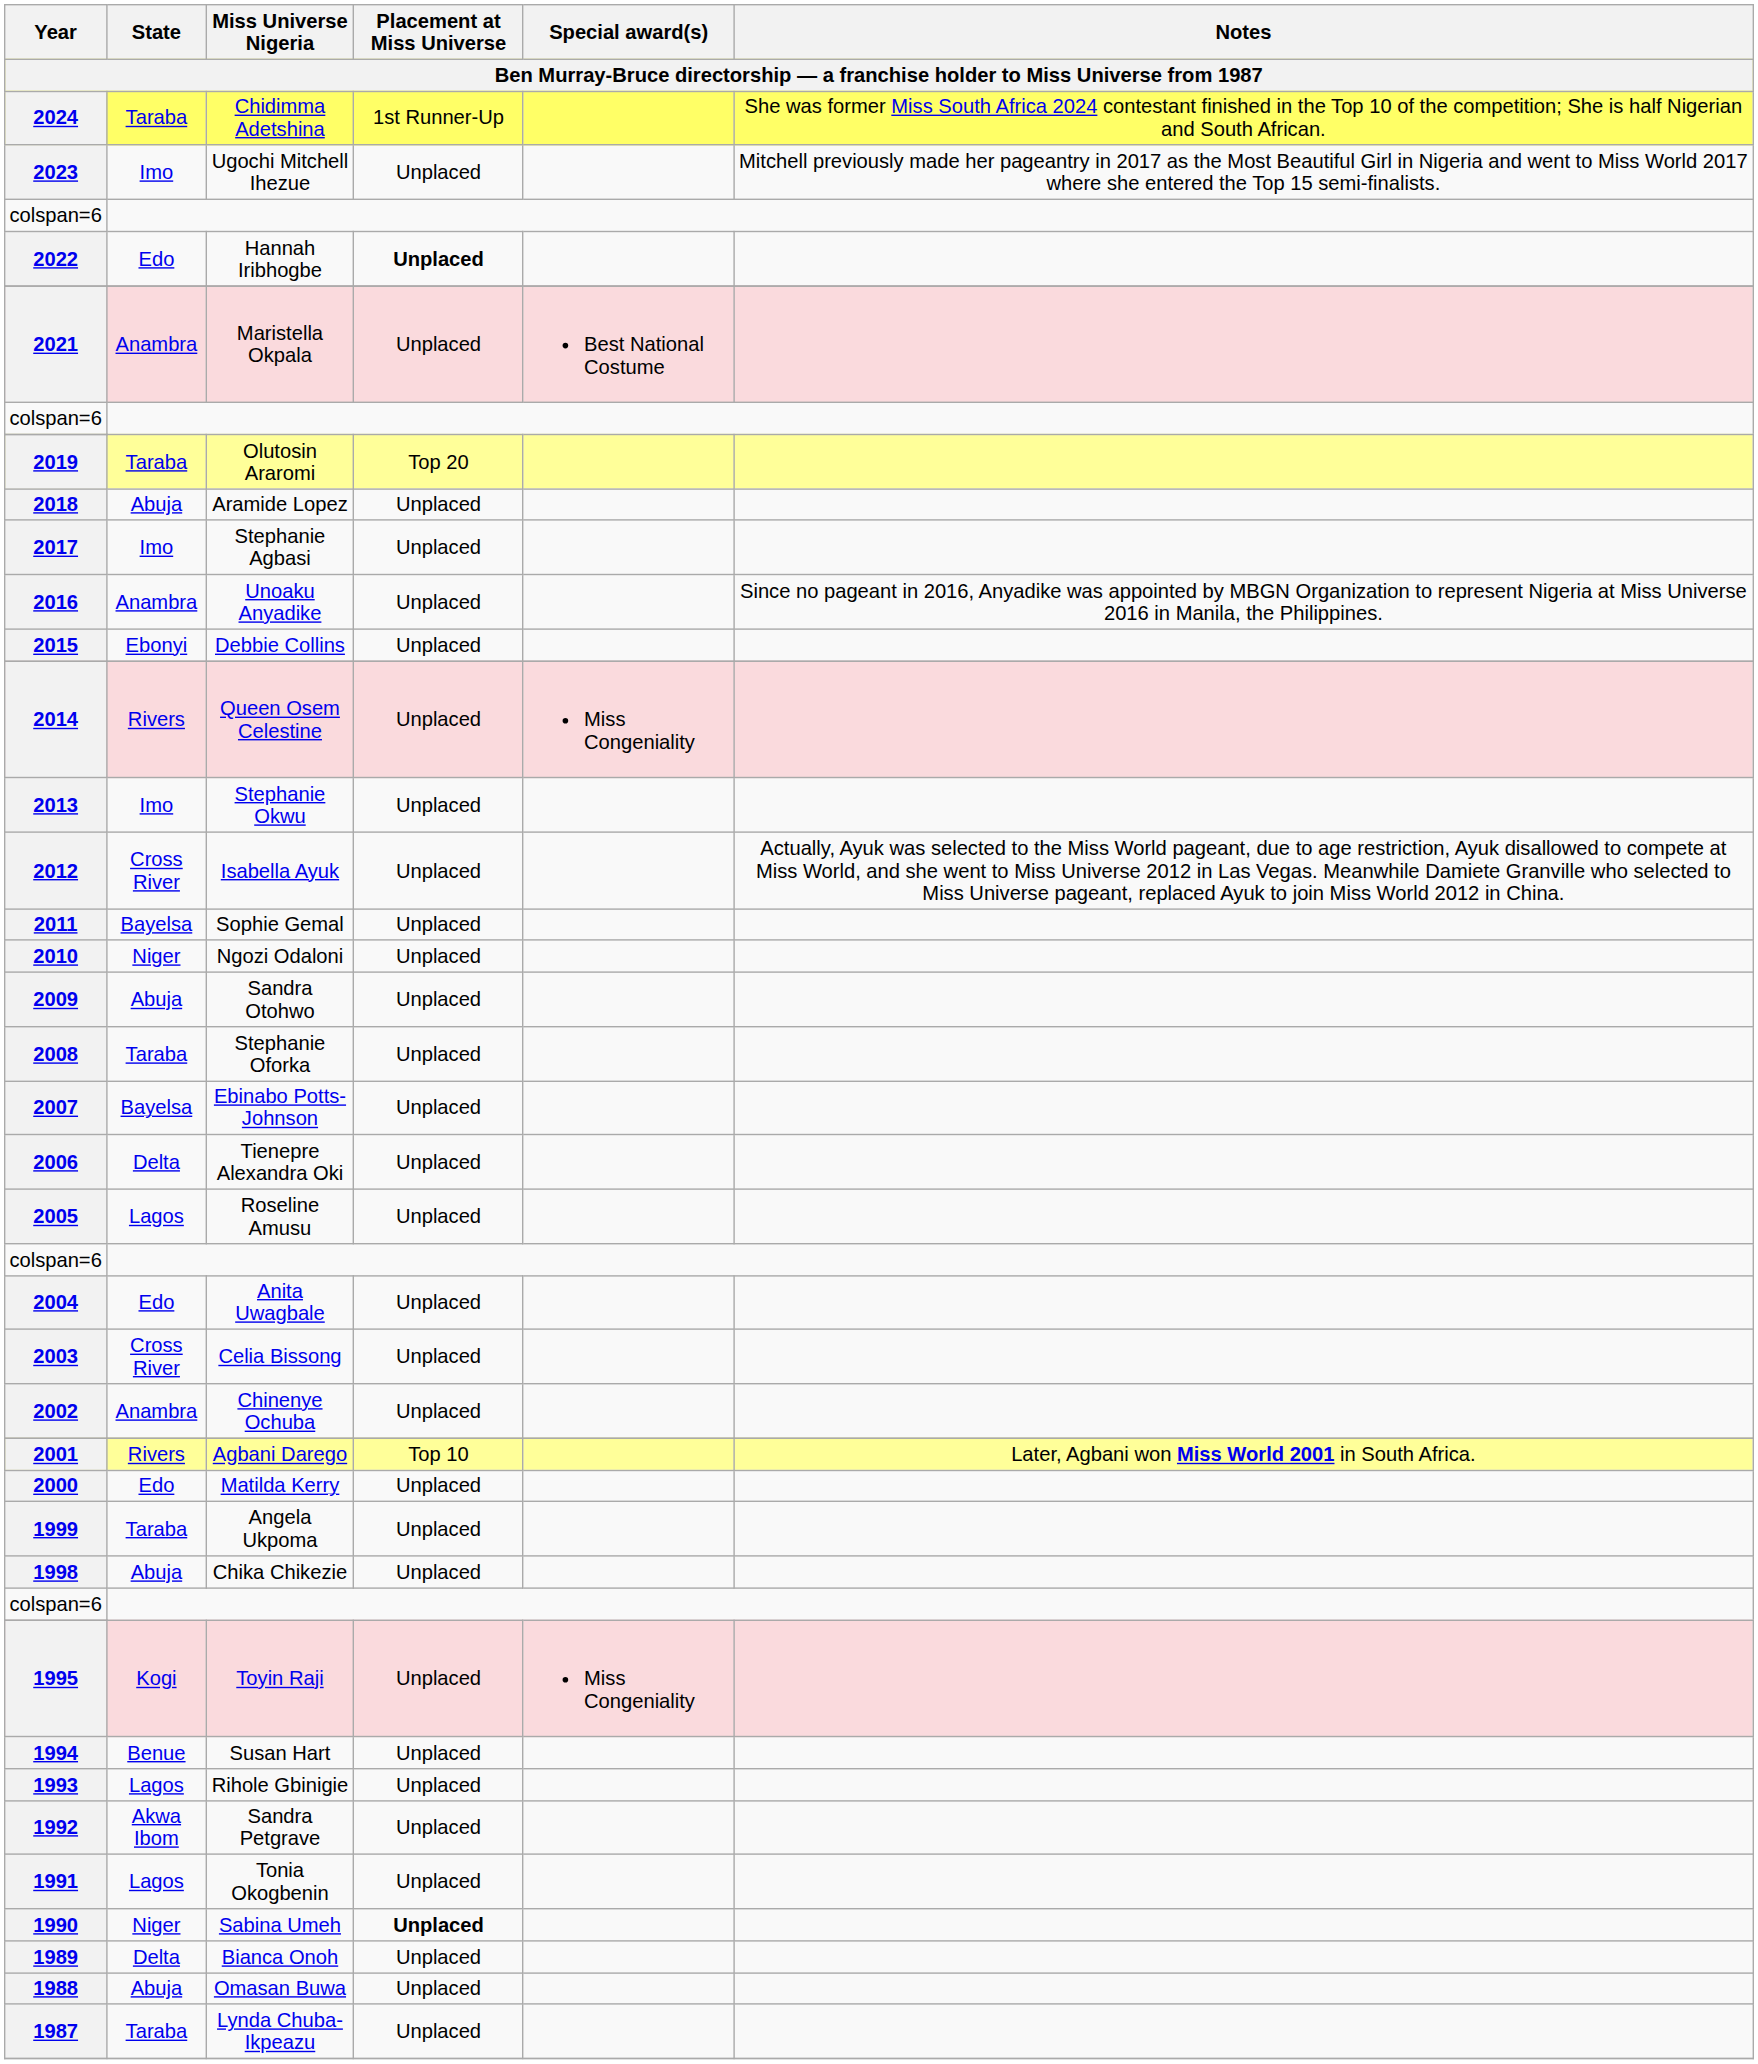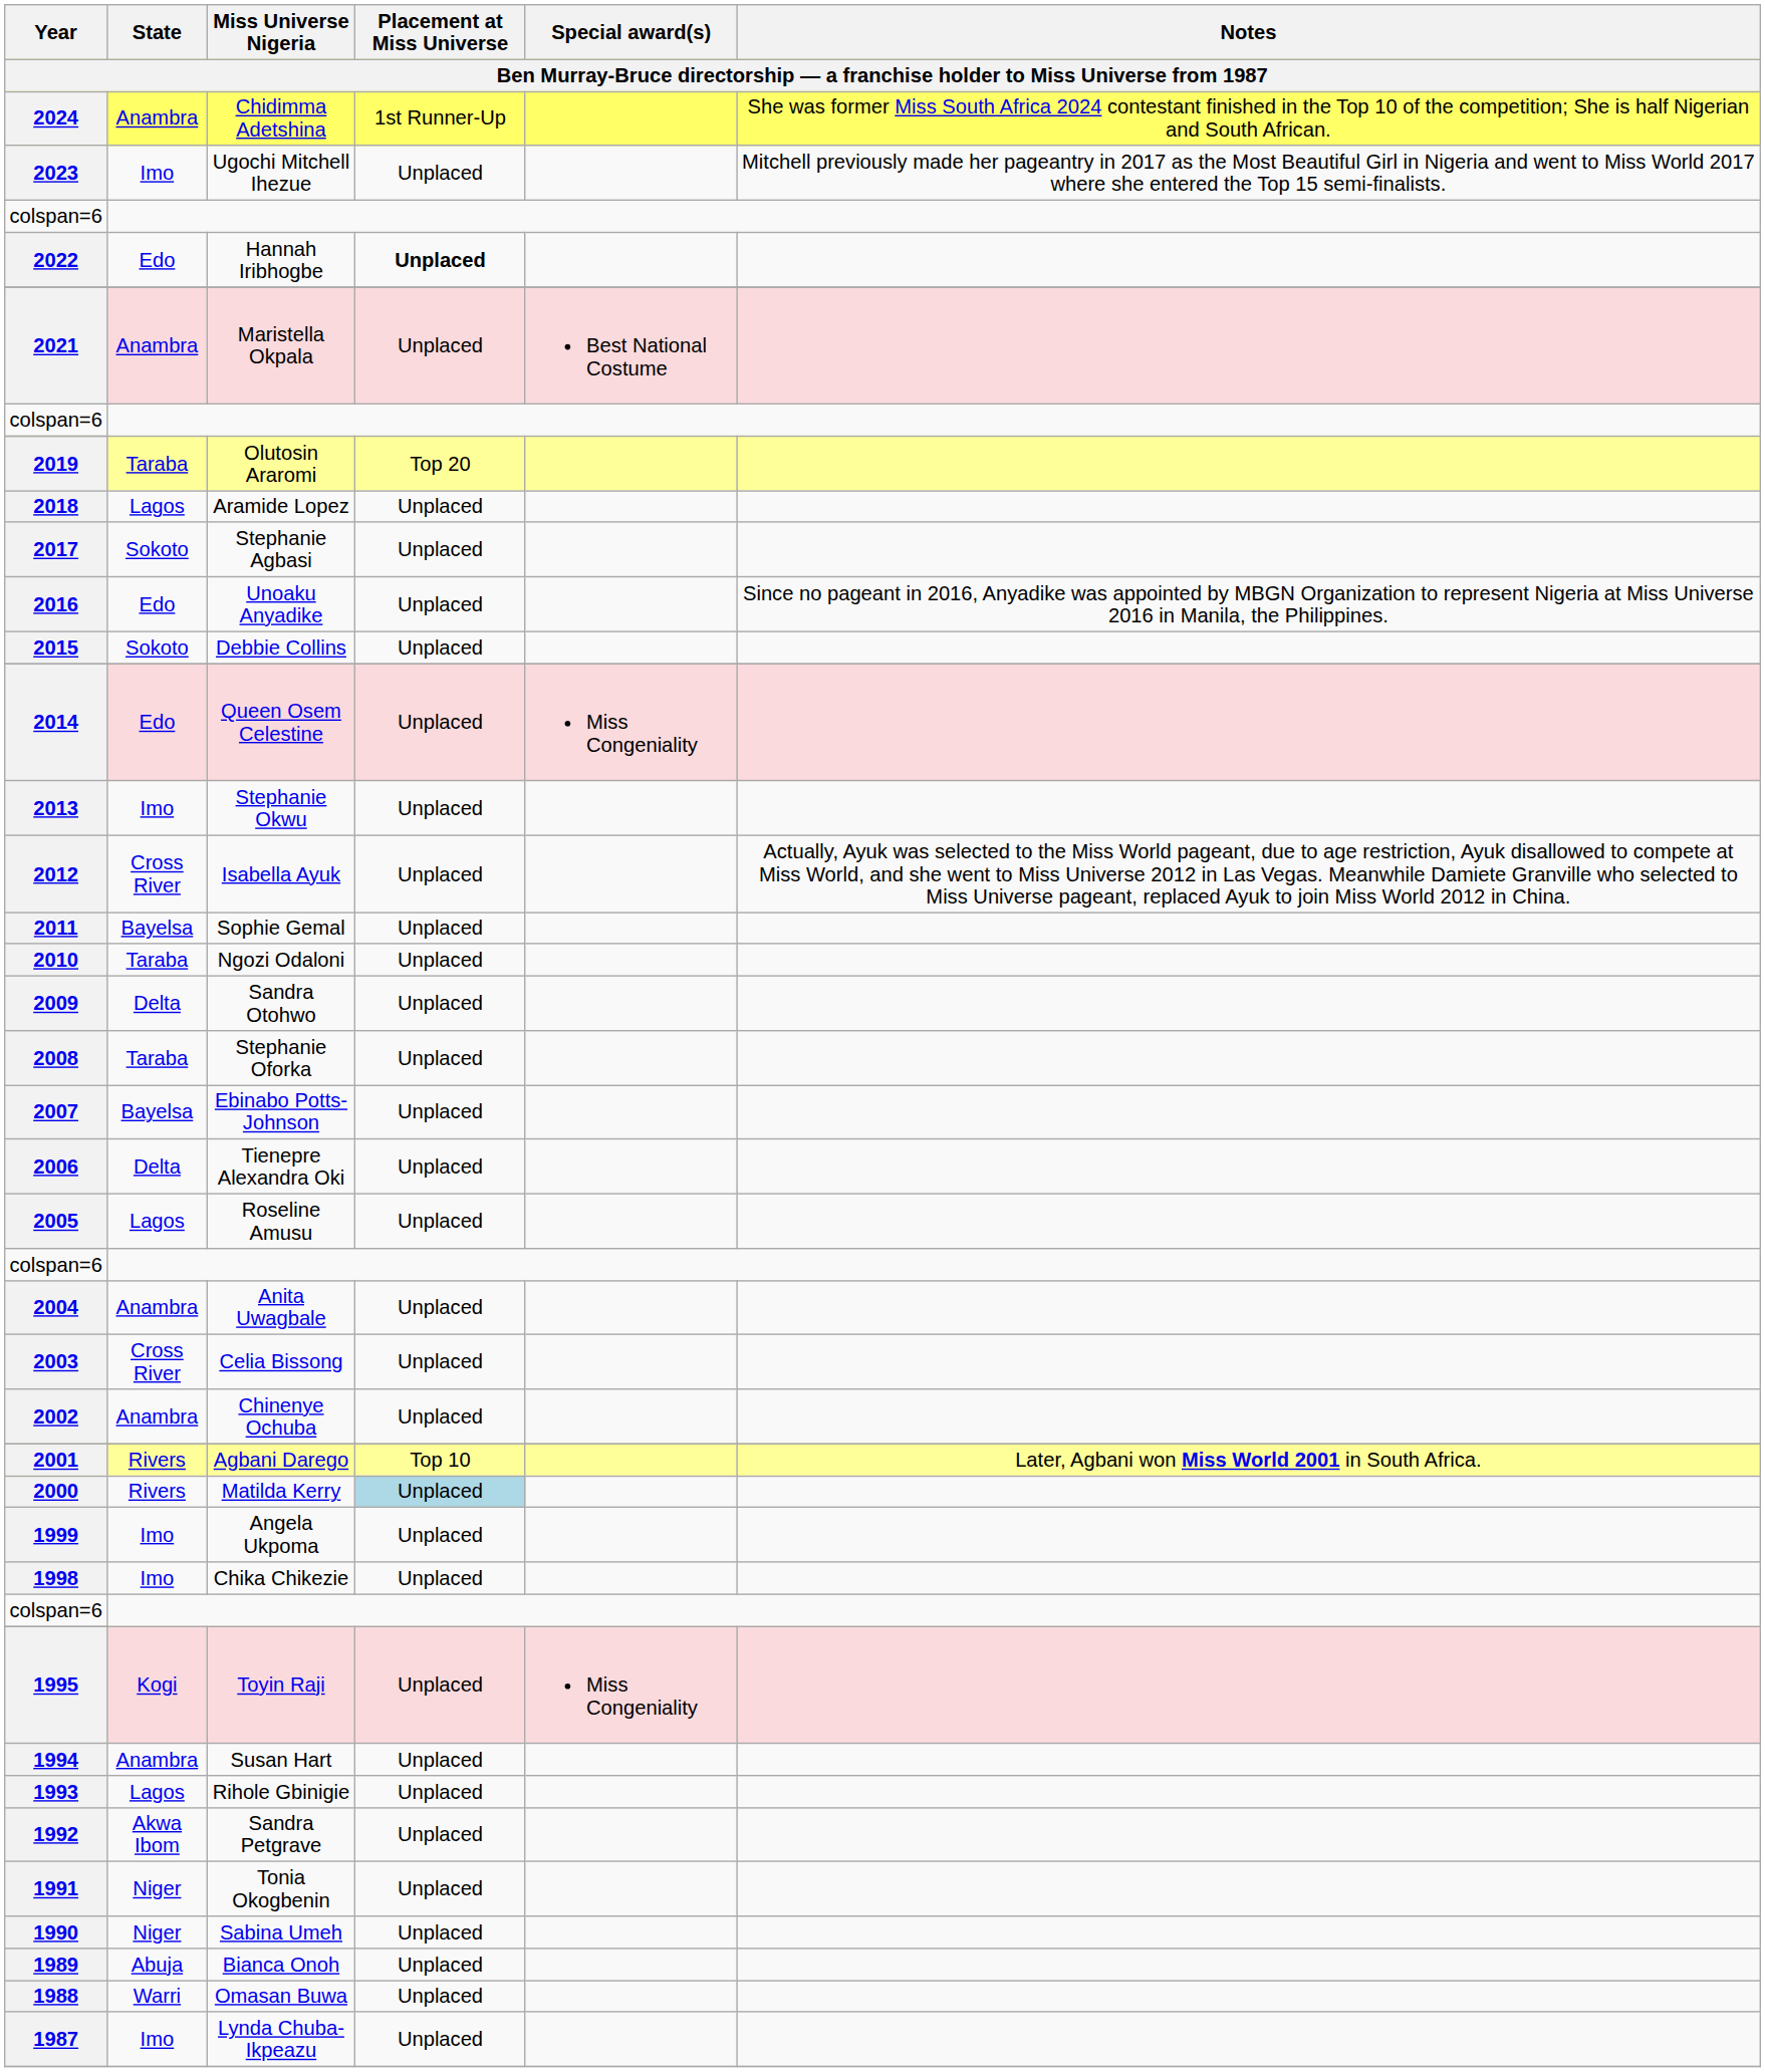 <table class="wikitable " style="font-size: 90%; text-align:center;">
 <tr>
 <th>Year</th>
 <th>State</th>
 <th>Miss Universe Nigeria</th>
 <th>Placement at Miss Universe</th>
 <th>Special award(s)</th>
 <th>Notes</th>
 </tr>
 <tr style="background-color:#FFFF66;">
 <th colspan="6">Ben Murray-Bruce directorship — a franchise holder to Miss Universe from 1987</th>
 </tr>
 <tr style="background-color:#FFFF66;">
 <th><a href='#'>2024</a></th>
-<td><a href='#'>Taraba</a></td>
+<td><a href='#'>Anambra</a></td>
 <td><a href='#'>Chidimma Adetshina</a></td>
 <td>1st Runner-Up</td>
 <td></td>
 <td>She was former <a href='#'>Miss South Africa 2024</a> contestant finished in the Top 10 of the competition; She is half Nigerian and South African.</td>
 </tr>
 <tr>
 <th><a href='#'>2023</a></th>
 <td><a href='#'>Imo</a></td>
 <td>Ugochi Mitchell Ihezue</td>
 <td>Unplaced</td>
 <td></td>
 <td>Mitchell previously made her pageantry in 2017 as the Most Beautiful Girl in Nigeria and went to Miss World 2017 where she entered the Top 15 semi-finalists.</td>
 </tr>
 <tr>
 <td>colspan=6 </td>
 </tr>
 <tr>
 <th><a href='#'>2022</a></th>
 <td><a href='#'>Edo</a></td>
 <td>Hannah Iribhogbe</td>
 <td><strong>Unplaced</strong></td>
 <td></td>
 <td></td>
 </tr>
 <tr>
 </tr>
 <tr style="background-color:#FADADD;">
 <th><a href='#'>2021</a></th>
 <td><a href='#'>Anambra</a></td>
 <td>Maristella Okpala</td>
 <td>Unplaced</td>
 <td align="left"><br><ul><li>Best National Costume</li></ul></td>
 <td></td>
 </tr>
 <tr>
 <td>colspan=6 </td>
 </tr>
 <tr>
 </tr>
 <tr style="background-color:#FFFF99;">
 <th><a href='#'>2019</a></th>
 <td><a href='#'>Taraba</a></td>
 <td>Olutosin Araromi</td>
 <td>Top 20</td>
 <td></td>
 <td></td>
 </tr>
 <tr>
 <th><a href='#'>2018</a></th>
-<td><a href='#'>Abuja</a></td>
+<td><a href='#'>Lagos</a></td>
 <td>Aramide Lopez</td>
 <td>Unplaced</td>
 <td></td>
 <td></td>
 </tr>
 <tr>
 <th><a href='#'>2017</a></th>
-<td><a href='#'>Imo</a></td>
+<td><a href='#'>Sokoto</a></td>
 <td>Stephanie Agbasi</td>
 <td>Unplaced</td>
 <td></td>
 <td></td>
 </tr>
 <tr>
 <th><a href='#'>2016</a></th>
-<td><a href='#'>Anambra</a></td>
+<td><a href='#'>Edo</a></td>
 <td><a href='#'>Unoaku Anyadike</a></td>
 <td>Unplaced</td>
 <td></td>
 <td>Since no pageant in 2016, Anyadike was appointed by MBGN Organization to represent Nigeria at Miss Universe 2016 in Manila, the Philippines.</td>
 </tr>
 <tr>
 <th><a href='#'>2015</a></th>
-<td><a href='#'>Ebonyi</a></td>
+<td><a href='#'>Sokoto</a></td>
 <td><a href='#'>Debbie Collins</a></td>
 <td>Unplaced</td>
 <td></td>
 <td></td>
 </tr>
 <tr>
 </tr>
 <tr style="background-color:#FADADD;">
 <th><a href='#'>2014</a></th>
-<td><a href='#'>Rivers</a></td>
+<td><a href='#'>Edo</a></td>
 <td><a href='#'>Queen Osem Celestine</a></td>
 <td>Unplaced</td>
 <td align="left"><br><ul><li>Miss Congeniality</li></ul></td>
 <td></td>
 </tr>
 <tr>
 <th><a href='#'>2013</a></th>
 <td><a href='#'>Imo</a></td>
 <td><a href='#'>Stephanie Okwu</a></td>
 <td>Unplaced</td>
 <td></td>
 <td></td>
 </tr>
 <tr>
 <th><a href='#'>2012</a></th>
 <td><a href='#'>Cross River</a></td>
 <td><a href='#'>Isabella Ayuk</a></td>
 <td>Unplaced</td>
 <td></td>
 <td>Actually, Ayuk was selected to the Miss World pageant, due to age restriction, Ayuk disallowed to compete at Miss World, and she went to Miss Universe 2012 in Las Vegas. Meanwhile Damiete Granville who selected to Miss Universe pageant, replaced Ayuk to join Miss World 2012 in China.</td>
 </tr>
 <tr>
 <th><a href='#'>2011</a></th>
 <td><a href='#'>Bayelsa</a></td>
 <td>Sophie Gemal</td>
 <td>Unplaced</td>
 <td></td>
 <td></td>
 </tr>
 <tr>
 <th><a href='#'>2010</a></th>
-<td><a href='#'>Niger</a></td>
+<td><a href='#'>Taraba</a></td>
 <td>Ngozi Odaloni</td>
 <td>Unplaced</td>
 <td></td>
 <td></td>
 </tr>
 <tr>
 <th><a href='#'>2009</a></th>
-<td><a href='#'>Abuja</a></td>
+<td><a href='#'>Delta</a></td>
 <td>Sandra Otohwo</td>
 <td>Unplaced</td>
 <td></td>
 <td></td>
 </tr>
 <tr>
 <th><a href='#'>2008</a></th>
 <td><a href='#'>Taraba</a></td>
 <td>Stephanie Oforka</td>
 <td>Unplaced</td>
 <td></td>
 <td></td>
 </tr>
 <tr>
 <th><a href='#'>2007</a></th>
 <td><a href='#'>Bayelsa</a></td>
 <td><a href='#'>Ebinabo Potts-Johnson</a></td>
 <td>Unplaced</td>
 <td></td>
 <td></td>
 </tr>
 <tr>
 <th><a href='#'>2006</a></th>
 <td><a href='#'>Delta</a></td>
 <td>Tienepre Alexandra Oki</td>
 <td>Unplaced</td>
 <td></td>
 <td></td>
 </tr>
 <tr>
 <th><a href='#'>2005</a></th>
 <td><a href='#'>Lagos</a></td>
 <td>Roseline Amusu</td>
 <td>Unplaced</td>
 <td></td>
 <td></td>
 </tr>
 <tr>
 <td>colspan=6 </td>
 </tr>
 <tr>
 <th><a href='#'>2004</a></th>
-<td><a href='#'>Edo</a></td>
+<td><a href='#'>Anambra</a></td>
 <td><a href='#'>Anita Uwagbale</a></td>
 <td>Unplaced</td>
 <td></td>
 <td></td>
 </tr>
 <tr>
 <th><a href='#'>2003</a></th>
 <td><a href='#'>Cross River</a></td>
 <td><a href='#'>Celia Bissong</a></td>
 <td>Unplaced</td>
 <td></td>
 <td></td>
 </tr>
 <tr>
 <th><a href='#'>2002</a></th>
 <td><a href='#'>Anambra</a></td>
 <td><a href='#'>Chinenye Ochuba</a></td>
 <td>Unplaced</td>
 <td></td>
 <td></td>
 </tr>
 <tr>
 </tr>
 <tr style="background-color:#FFFF99;">
 <th><a href='#'>2001</a></th>
 <td><a href='#'>Rivers</a></td>
 <td><a href='#'>Agbani Darego</a></td>
 <td>Top 10</td>
 <td></td>
 <td>Later, Agbani won <strong><a href='#'>Miss World 2001</a></strong> in South Africa.</td>
 </tr>
 <tr>
 <th><a href='#'>2000</a></th>
-<td><a href='#'>Edo</a></td>
+<td><a href='#'>Rivers</a></td>
 <td><a href='#'>Matilda Kerry</a></td>
-<td>Unplaced</td>
+<td style="background: lightblue;">Unplaced</td>
 <td></td>
 <td></td>
 </tr>
 <tr>
 <th><a href='#'>1999</a></th>
-<td><a href='#'>Taraba</a></td>
+<td><a href='#'>Imo</a></td>
 <td>Angela Ukpoma</td>
 <td>Unplaced</td>
 <td></td>
 <td></td>
 </tr>
 <tr>
 <th><a href='#'>1998</a></th>
-<td><a href='#'>Abuja</a></td>
+<td><a href='#'>Imo</a></td>
 <td>Chika Chikezie</td>
 <td>Unplaced</td>
 <td></td>
 <td></td>
 </tr>
 <tr>
 <td>colspan=6 </td>
 </tr>
 <tr>
 </tr>
 <tr style="background-color:#FADADD;">
 <th><a href='#'>1995</a></th>
 <td><a href='#'>Kogi</a></td>
 <td><a href='#'>Toyin Raji</a></td>
 <td>Unplaced</td>
 <td align="left"><br><ul><li>Miss Congeniality</li></ul></td>
 <td></td>
 </tr>
 <tr>
 <th><a href='#'>1994</a></th>
-<td><a href='#'>Benue</a></td>
+<td><a href='#'>Anambra</a></td>
 <td>Susan Hart</td>
 <td>Unplaced</td>
 <td></td>
 <td></td>
 </tr>
 <tr>
 <th><a href='#'>1993</a></th>
 <td><a href='#'>Lagos</a></td>
 <td>Rihole Gbinigie</td>
 <td>Unplaced</td>
 <td></td>
 <td></td>
 </tr>
 <tr>
 <th><a href='#'>1992</a></th>
 <td><a href='#'>Akwa Ibom</a></td>
 <td>Sandra Petgrave</td>
 <td>Unplaced</td>
 <td></td>
 <td></td>
 </tr>
 <tr>
 <th><a href='#'>1991</a></th>
-<td><a href='#'>Lagos</a></td>
+<td><a href='#'>Niger</a></td>
 <td>Tonia Okogbenin</td>
 <td>Unplaced</td>
 <td></td>
 <td></td>
 </tr>
 <tr>
 <th><a href='#'>1990</a></th>
 <td><a href='#'>Niger</a></td>
 <td><a href='#'>Sabina Umeh</a></td>
-<td><strong>Unplaced</strong></td>
+<td>Unplaced</td>
 <td></td>
 <td></td>
 </tr>
 <tr>
 <th><a href='#'>1989</a></th>
-<td><a href='#'>Delta</a></td>
+<td><a href='#'>Abuja</a></td>
 <td><a href='#'>Bianca Onoh</a></td>
 <td>Unplaced</td>
 <td></td>
 <td></td>
 </tr>
 <tr>
 <th><a href='#'>1988</a></th>
-<td><a href='#'>Abuja</a></td>
+<td><a href='#'>Warri</a></td>
 <td><a href='#'>Omasan Buwa</a></td>
 <td>Unplaced</td>
 <td></td>
 <td></td>
 </tr>
 <tr>
 <th><a href='#'>1987</a></th>
-<td><a href='#'>Taraba</a></td>
+<td><a href='#'>Imo</a></td>
 <td><a href='#'>Lynda Chuba-Ikpeazu</a></td>
 <td>Unplaced</td>
 <td></td>
 <td></td>
 </tr>
 <tr>
 </tr>
 </table>
